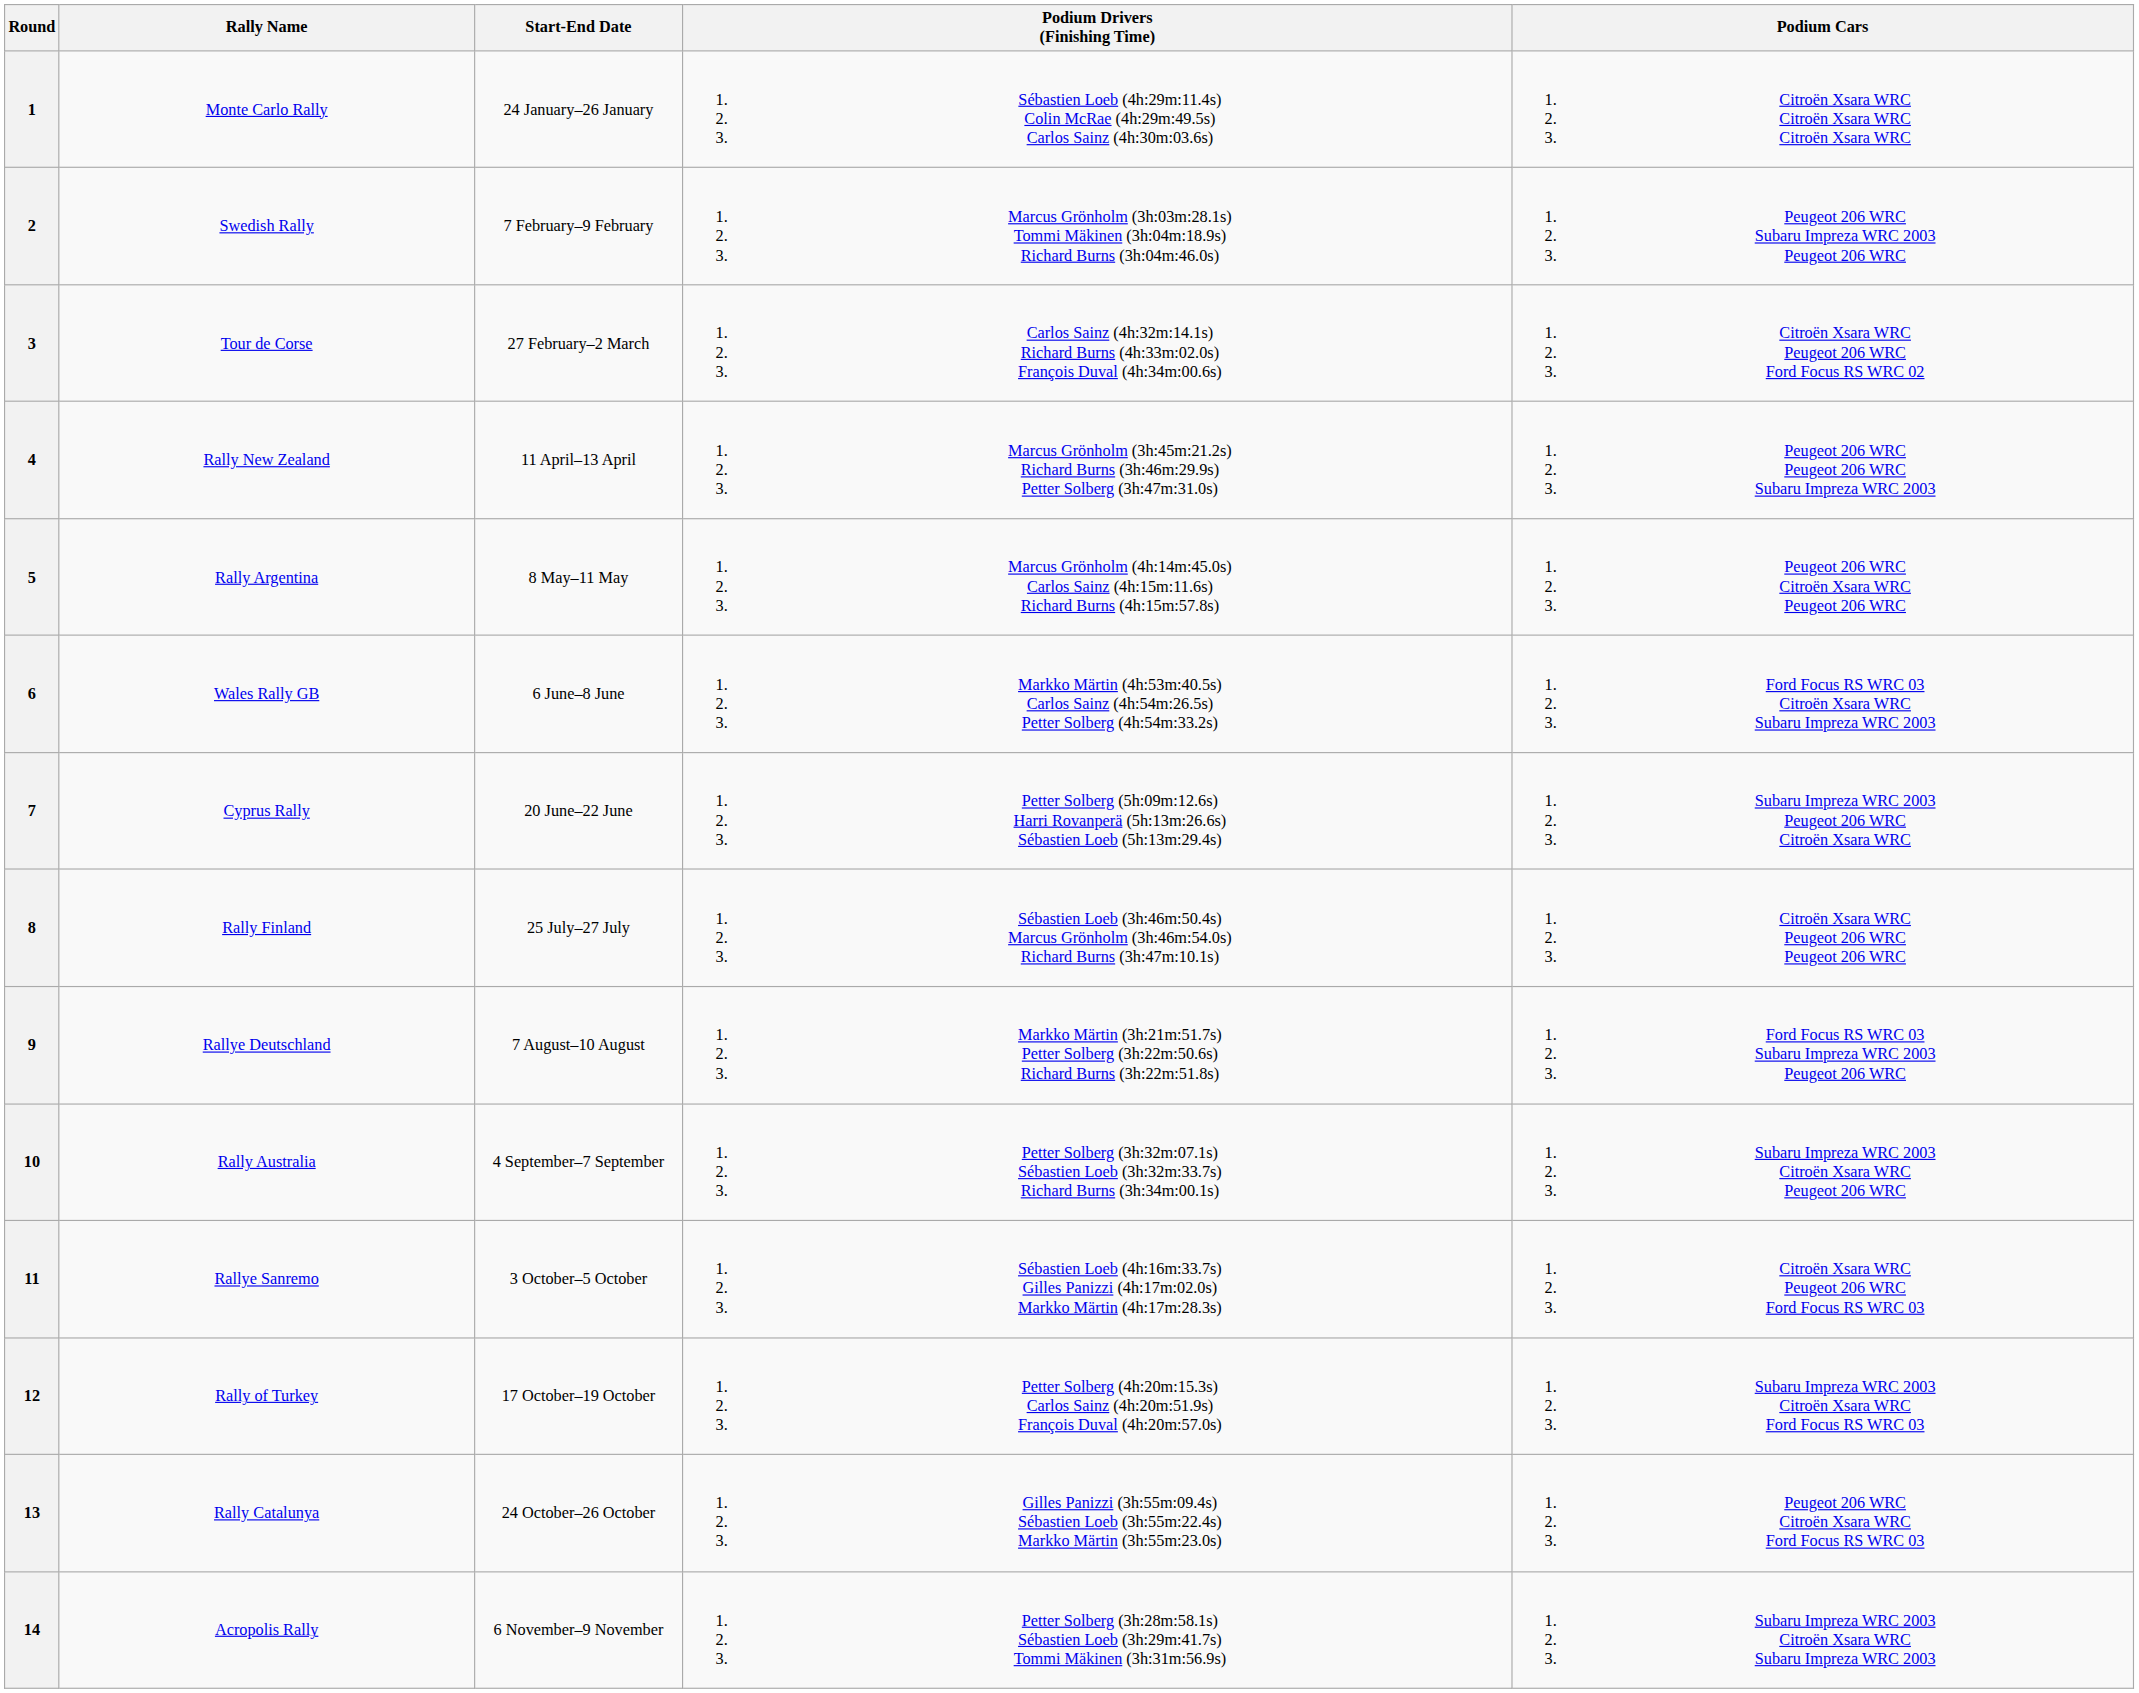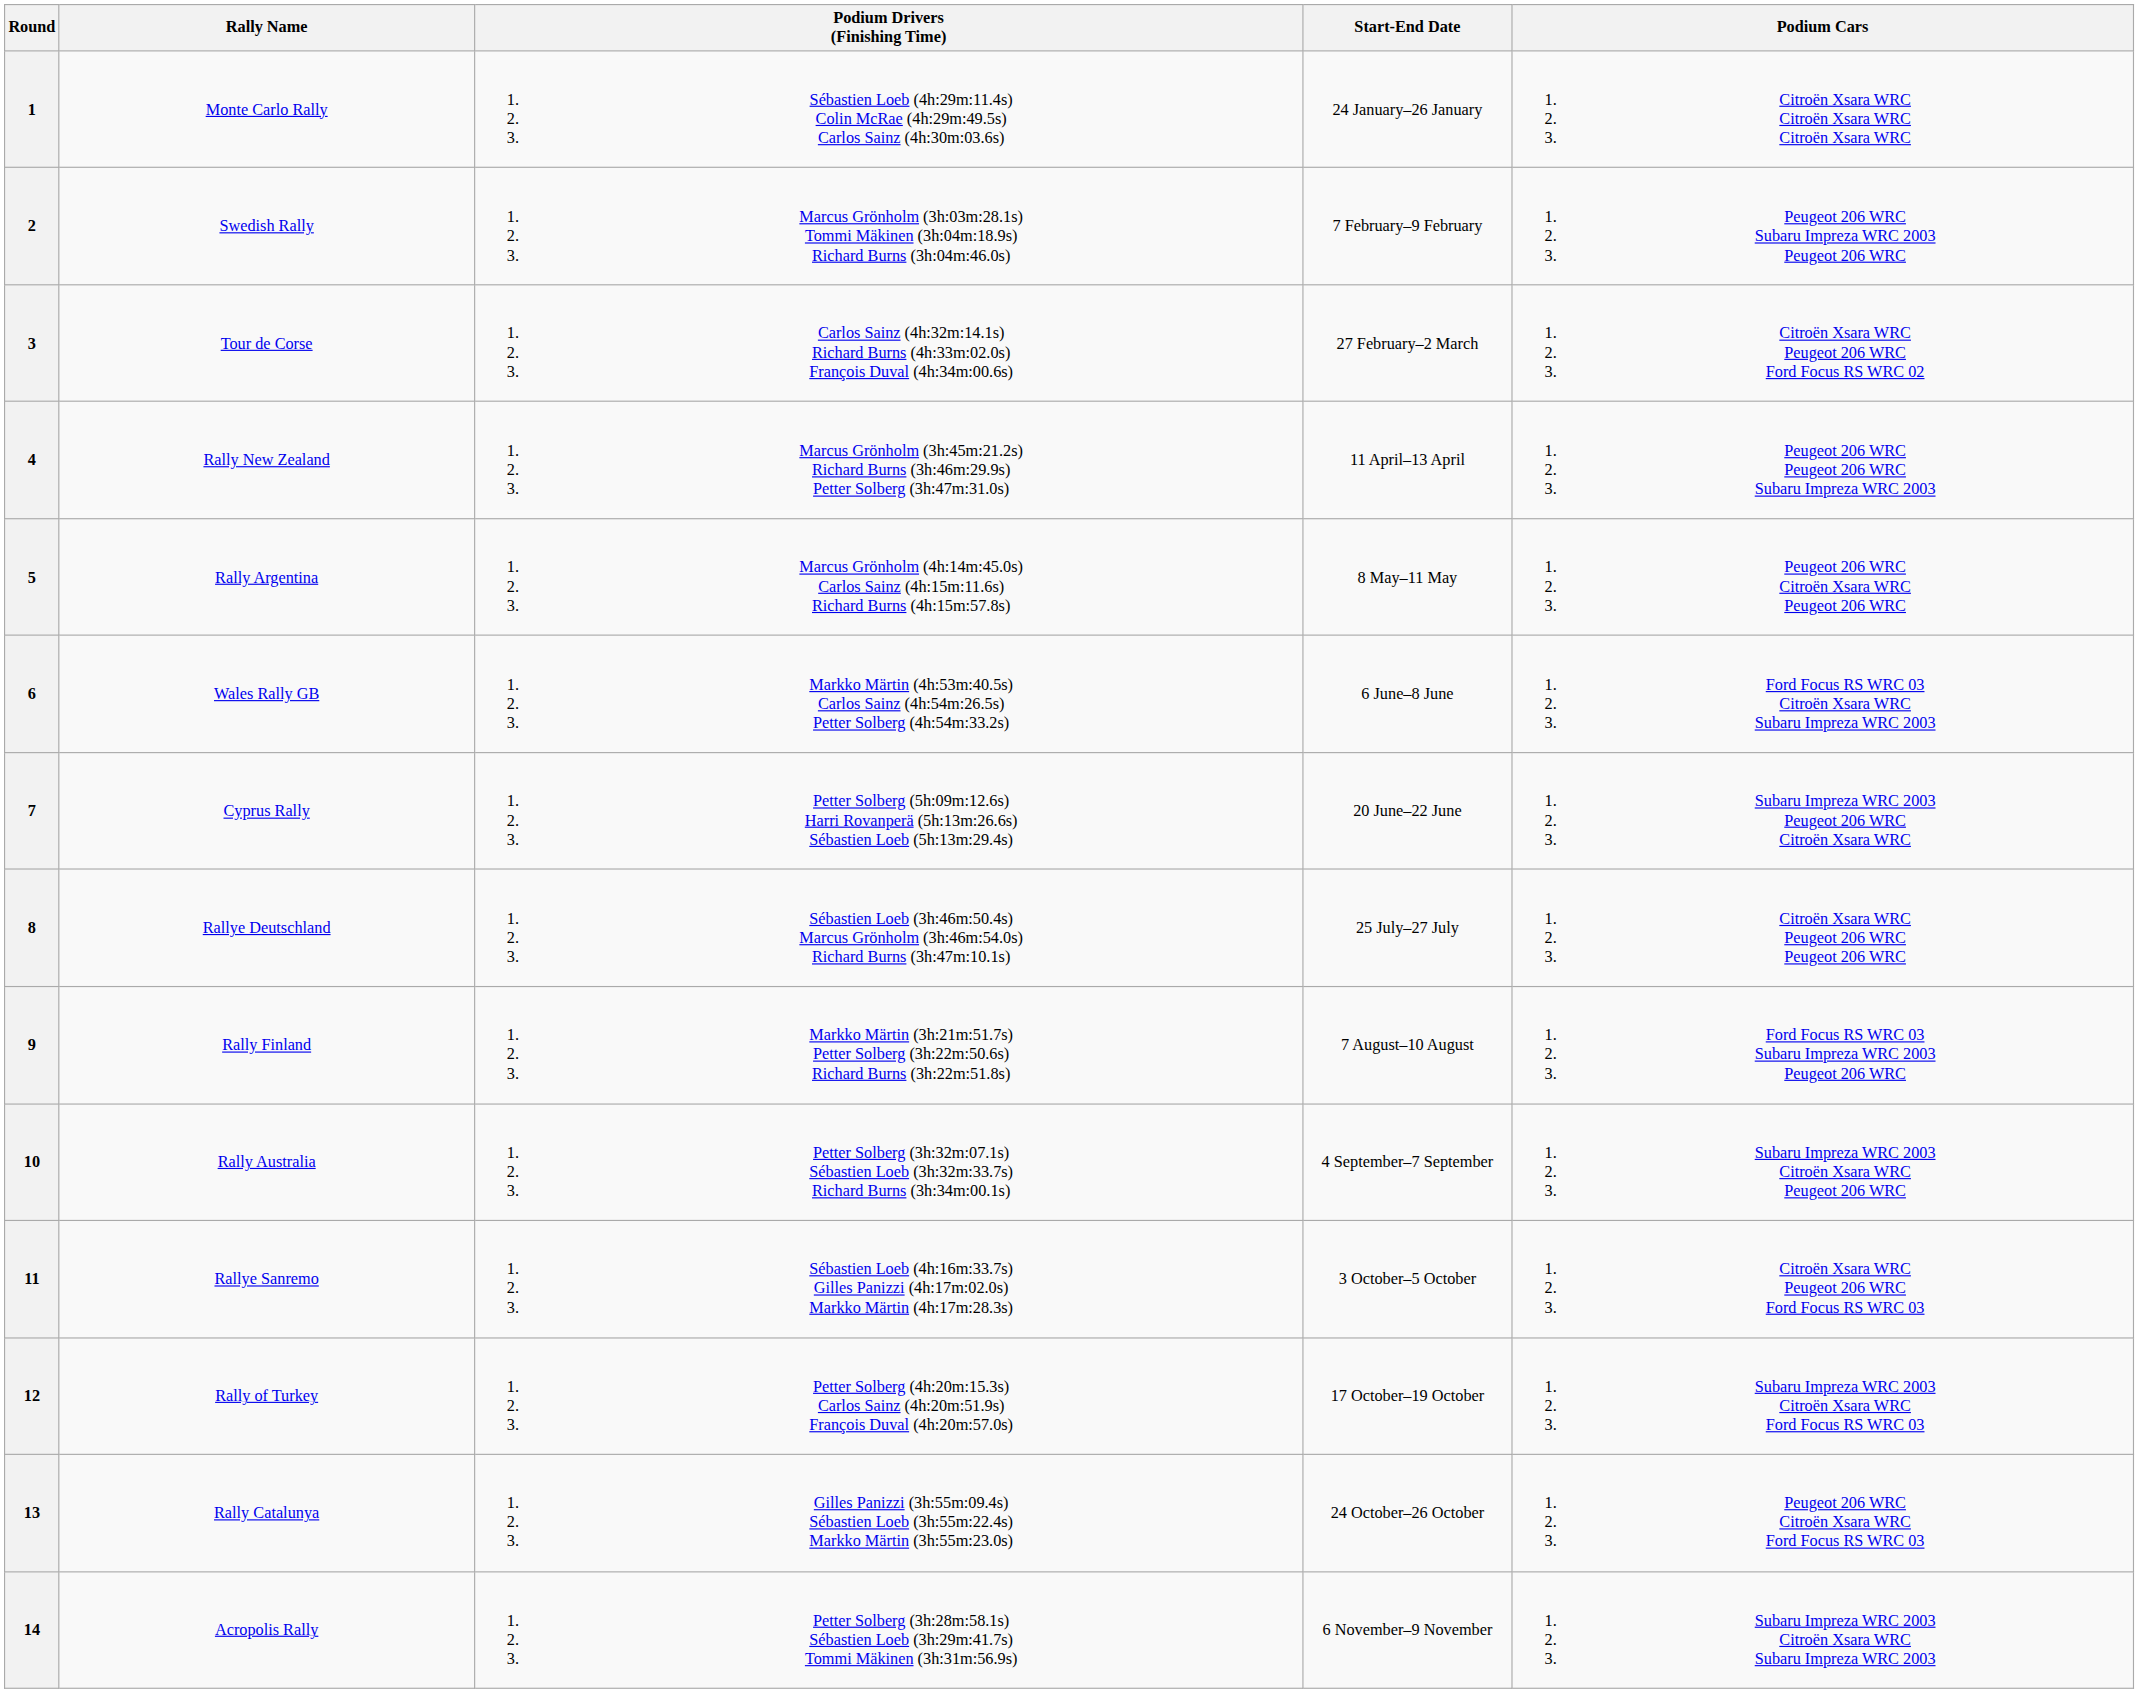 <table class="wikitable collapsible" width="95%" style="text-align:center; font-size:90%;">
 <tr style="background:#efefef;">
 <th>Round</th>
 <th colspan=1 width=20%>Rally Name</th>
+<th colspan=1 width=40%>Podium Drivers <br>(Finishing Time)</th>
 <th colspan=1 width=10%>Start-End Date</th>
-<th colspan=1 width=40%>Podium Drivers <br>(Finishing Time)</th>
 <th colspan=1 width=30%>Podium Cars</th>
 </tr>
 <tr>
 <th>1</th>
 <td> <a href='#'>Monte Carlo Rally</a></td>
+<td><br><ol><li> <a href='#'>Sébastien Loeb</a> (4h:29m:11.4s)</li><li> <a href='#'>Colin McRae</a> (4h:29m:49.5s)</li><li> <a href='#'>Carlos Sainz</a> (4h:30m:03.6s)</li></ol></td>
 <td>24 January–26 January</td>
-<td><br><ol><li> <a href='#'>Sébastien Loeb</a> (4h:29m:11.4s)</li><li> <a href='#'>Colin McRae</a> (4h:29m:49.5s)</li><li> <a href='#'>Carlos Sainz</a> (4h:30m:03.6s)</li></ol></td>
 <td><br><ol><li><a href='#'>Citroën Xsara WRC</a></li><li><a href='#'>Citroën Xsara WRC</a></li><li><a href='#'>Citroën Xsara WRC</a></li></ol></td>
 </tr>
 <tr>
 <th>2</th>
 <td> <a href='#'>Swedish Rally</a></td>
+<td><br><ol><li> <a href='#'>Marcus Grönholm</a> (3h:03m:28.1s)</li><li> <a href='#'>Tommi Mäkinen</a> (3h:04m:18.9s)</li><li> <a href='#'>Richard Burns</a> (3h:04m:46.0s)</li></ol></td>
 <td>7 February–9 February</td>
-<td><br><ol><li> <a href='#'>Marcus Grönholm</a> (3h:03m:28.1s)</li><li> <a href='#'>Tommi Mäkinen</a> (3h:04m:18.9s)</li><li> <a href='#'>Richard Burns</a> (3h:04m:46.0s)</li></ol></td>
 <td><br><ol><li><a href='#'>Peugeot 206 WRC</a></li><li><a href='#'>Subaru Impreza WRC 2003</a></li><li><a href='#'>Peugeot 206 WRC</a></li></ol></td>
 </tr>
 <tr>
 <th>3</th>
 <td> <a href='#'>Tour de Corse</a></td>
+<td><br><ol><li> <a href='#'>Carlos Sainz</a> (4h:32m:14.1s)</li><li> <a href='#'>Richard Burns</a> (4h:33m:02.0s)</li><li> <a href='#'>François Duval</a> (4h:34m:00.6s)</li></ol></td>
 <td>27 February–2 March</td>
-<td><br><ol><li> <a href='#'>Carlos Sainz</a> (4h:32m:14.1s)</li><li> <a href='#'>Richard Burns</a> (4h:33m:02.0s)</li><li> <a href='#'>François Duval</a> (4h:34m:00.6s)</li></ol></td>
 <td><br><ol><li><a href='#'>Citroën Xsara WRC</a></li><li><a href='#'>Peugeot 206 WRC</a></li><li><a href='#'>Ford Focus RS WRC 02</a></li></ol></td>
 </tr>
 <tr>
 <th>4</th>
 <td> <a href='#'>Rally New Zealand</a></td>
+<td><br><ol><li> <a href='#'>Marcus Grönholm</a> (3h:45m:21.2s)</li><li> <a href='#'>Richard Burns</a> (3h:46m:29.9s)</li><li> <a href='#'>Petter Solberg</a> (3h:47m:31.0s)</li></ol></td>
 <td>11 April–13 April</td>
-<td><br><ol><li> <a href='#'>Marcus Grönholm</a> (3h:45m:21.2s)</li><li> <a href='#'>Richard Burns</a> (3h:46m:29.9s)</li><li> <a href='#'>Petter Solberg</a> (3h:47m:31.0s)</li></ol></td>
 <td><br><ol><li><a href='#'>Peugeot 206 WRC</a></li><li><a href='#'>Peugeot 206 WRC</a></li><li><a href='#'>Subaru Impreza WRC 2003</a></li></ol></td>
 </tr>
 <tr>
 <th>5</th>
 <td> <a href='#'>Rally Argentina</a></td>
+<td><br><ol><li> <a href='#'>Marcus Grönholm</a> (4h:14m:45.0s)</li><li> <a href='#'>Carlos Sainz</a> (4h:15m:11.6s)</li><li> <a href='#'>Richard Burns</a> (4h:15m:57.8s)</li></ol></td>
 <td>8 May–11 May</td>
-<td><br><ol><li> <a href='#'>Marcus Grönholm</a> (4h:14m:45.0s)</li><li> <a href='#'>Carlos Sainz</a> (4h:15m:11.6s)</li><li> <a href='#'>Richard Burns</a> (4h:15m:57.8s)</li></ol></td>
 <td><br><ol><li><a href='#'>Peugeot 206 WRC</a></li><li><a href='#'>Citroën Xsara WRC</a></li><li><a href='#'>Peugeot 206 WRC</a></li></ol></td>
 </tr>
 <tr>
 <th>6</th>
 <td> <a href='#'>Wales Rally GB</a></td>
+<td><br><ol><li> <a href='#'>Markko Märtin</a> (4h:53m:40.5s)</li><li> <a href='#'>Carlos Sainz</a> (4h:54m:26.5s)</li><li> <a href='#'>Petter Solberg</a> (4h:54m:33.2s)</li></ol></td>
 <td>6 June–8 June</td>
-<td><br><ol><li> <a href='#'>Markko Märtin</a> (4h:53m:40.5s)</li><li> <a href='#'>Carlos Sainz</a> (4h:54m:26.5s)</li><li> <a href='#'>Petter Solberg</a> (4h:54m:33.2s)</li></ol></td>
 <td><br><ol><li><a href='#'>Ford Focus RS WRC 03</a></li><li><a href='#'>Citroën Xsara WRC</a></li><li><a href='#'>Subaru Impreza WRC 2003</a></li></ol></td>
 </tr>
 <tr>
 <th>7</th>
 <td> <a href='#'>Cyprus Rally</a></td>
+<td><br><ol><li> <a href='#'>Petter Solberg</a> (5h:09m:12.6s)</li><li> <a href='#'>Harri Rovanperä</a> (5h:13m:26.6s)</li><li> <a href='#'>Sébastien Loeb</a> (5h:13m:29.4s)</li></ol></td>
 <td>20 June–22 June</td>
-<td><br><ol><li> <a href='#'>Petter Solberg</a> (5h:09m:12.6s)</li><li> <a href='#'>Harri Rovanperä</a> (5h:13m:26.6s)</li><li> <a href='#'>Sébastien Loeb</a> (5h:13m:29.4s)</li></ol></td>
 <td><br><ol><li><a href='#'>Subaru Impreza WRC 2003</a></li><li><a href='#'>Peugeot 206 WRC</a></li><li><a href='#'>Citroën Xsara WRC</a></li></ol></td>
 </tr>
 <tr>
 <th>8</th>
-<td> <a href='#'>Rally Finland</a></td>
+<td> <a href='#'>Rallye Deutschland</a></td>
+<td><br><ol><li> <a href='#'>Sébastien Loeb</a> (3h:46m:50.4s)</li><li> <a href='#'>Marcus Grönholm</a> (3h:46m:54.0s)</li><li> <a href='#'>Richard Burns</a> (3h:47m:10.1s)</li></ol></td>
 <td>25 July–27 July</td>
-<td><br><ol><li> <a href='#'>Sébastien Loeb</a> (3h:46m:50.4s)</li><li> <a href='#'>Marcus Grönholm</a> (3h:46m:54.0s)</li><li> <a href='#'>Richard Burns</a> (3h:47m:10.1s)</li></ol></td>
 <td><br><ol><li><a href='#'>Citroën Xsara WRC</a></li><li><a href='#'>Peugeot 206 WRC</a></li><li><a href='#'>Peugeot 206 WRC</a></li></ol></td>
 </tr>
 <tr>
 <th>9</th>
-<td> <a href='#'>Rallye Deutschland</a></td>
+<td> <a href='#'>Rally Finland</a></td>
+<td><br><ol><li> <a href='#'>Markko Märtin</a> (3h:21m:51.7s)</li><li> <a href='#'>Petter Solberg</a> (3h:22m:50.6s)</li><li> <a href='#'>Richard Burns</a> (3h:22m:51.8s)</li></ol></td>
 <td>7 August–10 August</td>
-<td><br><ol><li> <a href='#'>Markko Märtin</a> (3h:21m:51.7s)</li><li> <a href='#'>Petter Solberg</a> (3h:22m:50.6s)</li><li> <a href='#'>Richard Burns</a> (3h:22m:51.8s)</li></ol></td>
 <td><br><ol><li><a href='#'>Ford Focus RS WRC 03</a></li><li><a href='#'>Subaru Impreza WRC 2003</a></li><li><a href='#'>Peugeot 206 WRC</a></li></ol></td>
 </tr>
 <tr>
 <th>10</th>
 <td> <a href='#'>Rally Australia</a></td>
+<td><br><ol><li> <a href='#'>Petter Solberg</a> (3h:32m:07.1s)</li><li> <a href='#'>Sébastien Loeb</a> (3h:32m:33.7s)</li><li> <a href='#'>Richard Burns</a> (3h:34m:00.1s)</li></ol></td>
 <td>4 September–7 September</td>
-<td><br><ol><li> <a href='#'>Petter Solberg</a> (3h:32m:07.1s)</li><li> <a href='#'>Sébastien Loeb</a> (3h:32m:33.7s)</li><li> <a href='#'>Richard Burns</a> (3h:34m:00.1s)</li></ol></td>
 <td><br><ol><li><a href='#'>Subaru Impreza WRC 2003</a></li><li><a href='#'>Citroën Xsara WRC</a></li><li><a href='#'>Peugeot 206 WRC</a></li></ol></td>
 </tr>
 <tr>
 <th>11</th>
 <td> <a href='#'>Rallye Sanremo</a></td>
+<td><br><ol><li> <a href='#'>Sébastien Loeb</a> (4h:16m:33.7s)</li><li> <a href='#'>Gilles Panizzi</a> (4h:17m:02.0s)</li><li> <a href='#'>Markko Märtin</a> (4h:17m:28.3s)</li></ol></td>
 <td>3 October–5 October</td>
-<td><br><ol><li> <a href='#'>Sébastien Loeb</a> (4h:16m:33.7s)</li><li> <a href='#'>Gilles Panizzi</a> (4h:17m:02.0s)</li><li> <a href='#'>Markko Märtin</a> (4h:17m:28.3s)</li></ol></td>
 <td><br><ol><li><a href='#'>Citroën Xsara WRC</a></li><li><a href='#'>Peugeot 206 WRC</a></li><li><a href='#'>Ford Focus RS WRC 03</a></li></ol></td>
 </tr>
 <tr>
 <th>12</th>
 <td> <a href='#'>Rally of Turkey</a></td>
+<td><br><ol><li> <a href='#'>Petter Solberg</a> (4h:20m:15.3s)</li><li> <a href='#'>Carlos Sainz</a> (4h:20m:51.9s)</li><li> <a href='#'>François Duval</a> (4h:20m:57.0s)</li></ol></td>
 <td>17 October–19 October</td>
-<td><br><ol><li> <a href='#'>Petter Solberg</a> (4h:20m:15.3s)</li><li> <a href='#'>Carlos Sainz</a> (4h:20m:51.9s)</li><li> <a href='#'>François Duval</a> (4h:20m:57.0s)</li></ol></td>
 <td><br><ol><li><a href='#'>Subaru Impreza WRC 2003</a></li><li><a href='#'>Citroën Xsara WRC</a></li><li><a href='#'>Ford Focus RS WRC 03</a></li></ol></td>
 </tr>
 <tr>
 <th>13</th>
 <td> <a href='#'>Rally Catalunya</a></td>
+<td><br><ol><li> <a href='#'>Gilles Panizzi</a> (3h:55m:09.4s)</li><li> <a href='#'>Sébastien Loeb</a> (3h:55m:22.4s)</li><li> <a href='#'>Markko Märtin</a> (3h:55m:23.0s)</li></ol></td>
 <td>24 October–26 October</td>
-<td><br><ol><li> <a href='#'>Gilles Panizzi</a> (3h:55m:09.4s)</li><li> <a href='#'>Sébastien Loeb</a> (3h:55m:22.4s)</li><li> <a href='#'>Markko Märtin</a> (3h:55m:23.0s)</li></ol></td>
 <td><br><ol><li><a href='#'>Peugeot 206 WRC</a></li><li><a href='#'>Citroën Xsara WRC</a></li><li><a href='#'>Ford Focus RS WRC 03</a></li></ol></td>
 </tr>
 <tr>
 <th>14</th>
 <td> <a href='#'>Acropolis Rally</a></td>
+<td><br><ol><li> <a href='#'>Petter Solberg</a> (3h:28m:58.1s)</li><li> <a href='#'>Sébastien Loeb</a> (3h:29m:41.7s)</li><li> <a href='#'>Tommi Mäkinen</a> (3h:31m:56.9s)</li></ol></td>
 <td>6 November–9 November</td>
-<td><br><ol><li> <a href='#'>Petter Solberg</a> (3h:28m:58.1s)</li><li> <a href='#'>Sébastien Loeb</a> (3h:29m:41.7s)</li><li> <a href='#'>Tommi Mäkinen</a> (3h:31m:56.9s)</li></ol></td>
 <td><br><ol><li><a href='#'>Subaru Impreza WRC 2003</a></li><li><a href='#'>Citroën Xsara WRC</a></li><li><a href='#'>Subaru Impreza WRC 2003</a></li></ol></td>
 </tr>
 </table>
